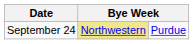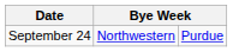 <table class="wikitable" style="font-size:95%;">
 <tr>
 <th>Date</th>
 <th colspan="2">Bye Week</th>
 </tr>
 <tr>
 <td>September 24</td>
-<td style="background: khaki;"><a href='#'>Northwestern</a></td>
+<td><a href='#'>Northwestern</a></td>
 <td><a href='#'>Purdue</a></td>
 </tr>
 </table>
